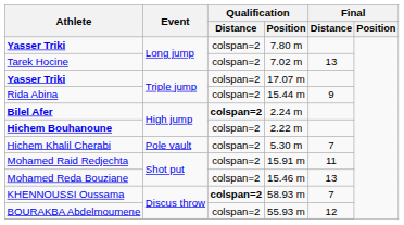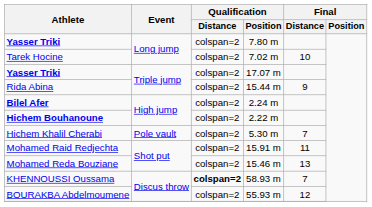 <table class=wikitable style=font-size:90%;text-align:center>
 <tr>
 <th rowspan=2>Athlete</th>
 <th rowspan=2>Event</th>
 <th colspan=2>Qualification</th>
 <th colspan=2>Final</th>
 </tr>
 <tr style=font-size:95%>
 <th>Distance</th>
 <th>Position</th>
 <th>Distance</th>
 <th>Position</th>
 </tr>
 <tr>
 <td align=left><strong><a href='#'>Yasser Triki</a></strong></td>
 <td align=left rowspan=2><a href='#'>Long jump</a></td>
 <td>colspan=2 </td>
 <td>7.80 m </td>
 <td></td>
 </tr>
 <tr>
 <td align=left><a href='#'>Tarek Hocine</a></td>
 <td>colspan=2 </td>
 <td>7.02 m</td>
-<td>13</td>
+<td>10</td>
 </tr>
 <tr>
 <td align=left><strong><a href='#'>Yasser Triki</a></strong></td>
 <td align=left rowspan=2><a href='#'>Triple jump</a></td>
 <td>colspan=2 </td>
 <td>17.07 m</td>
 <td></td>
 </tr>
 <tr>
 <td align=left><a href='#'>Rida Abina</a></td>
 <td>colspan=2 </td>
 <td>15.44 m</td>
 <td>9</td>
 </tr>
 <tr>
 <td align=left><strong><a href='#'>Bilel Afer</a></strong></td>
 <td align=left rowspan=2><a href='#'>High jump</a></td>
-<td><strong>colspan=2 </strong></td>
+<td>colspan=2 </td>
 <td>2.24 m </td>
 <td></td>
 </tr>
 <tr>
 <td align=left><strong><a href='#'>Hichem Bouhanoune</a></strong></td>
 <td>colspan=2 </td>
 <td>2.22 m </td>
 <td></td>
 </tr>
 <tr>
 <td align=left><a href='#'>Hichem Khalil Cherabi</a></td>
 <td align=left><a href='#'>Pole vault</a></td>
 <td>colspan=2 </td>
 <td>5.30 m</td>
 <td>7</td>
 </tr>
 <tr>
 <td align=left><a href='#'>Mohamed Raid Redjechta</a></td>
 <td align=left rowspan=2><a href='#'>Shot put</a></td>
 <td>colspan=2 </td>
 <td>15.91 m</td>
 <td>11</td>
 </tr>
 <tr>
 <td align=left><a href='#'>Mohamed Reda Bouziane</a></td>
 <td>colspan=2 </td>
 <td>15.46 m</td>
 <td>13</td>
 </tr>
 <tr>
 <td align=left><a href='#'>KHENNOUSSI Oussama</a></td>
 <td align=left rowspan=2><a href='#'>Discus throw</a></td>
 <td><strong>colspan=2 </strong></td>
 <td>58.93 m </td>
 <td>7</td>
 </tr>
 <tr>
 <td align=left><a href='#'>BOURAKBA Abdelmoumene</a></td>
 <td>colspan=2 </td>
 <td>55.93 m</td>
 <td>12</td>
 </tr>
 <tr>
 </tr>
 </table>
